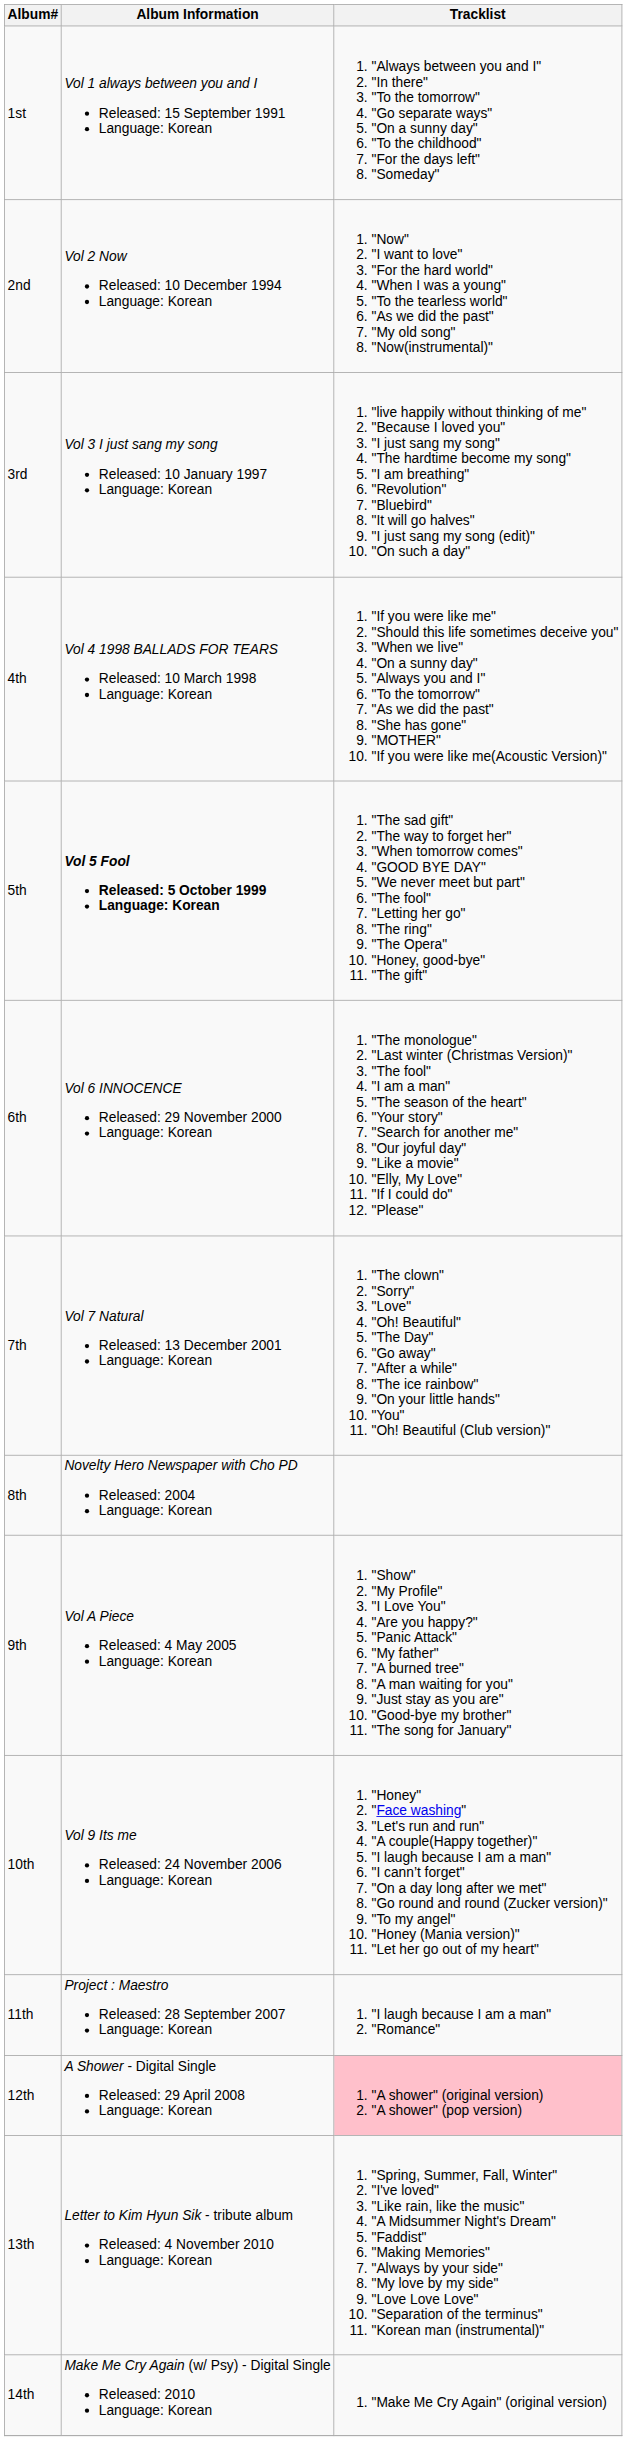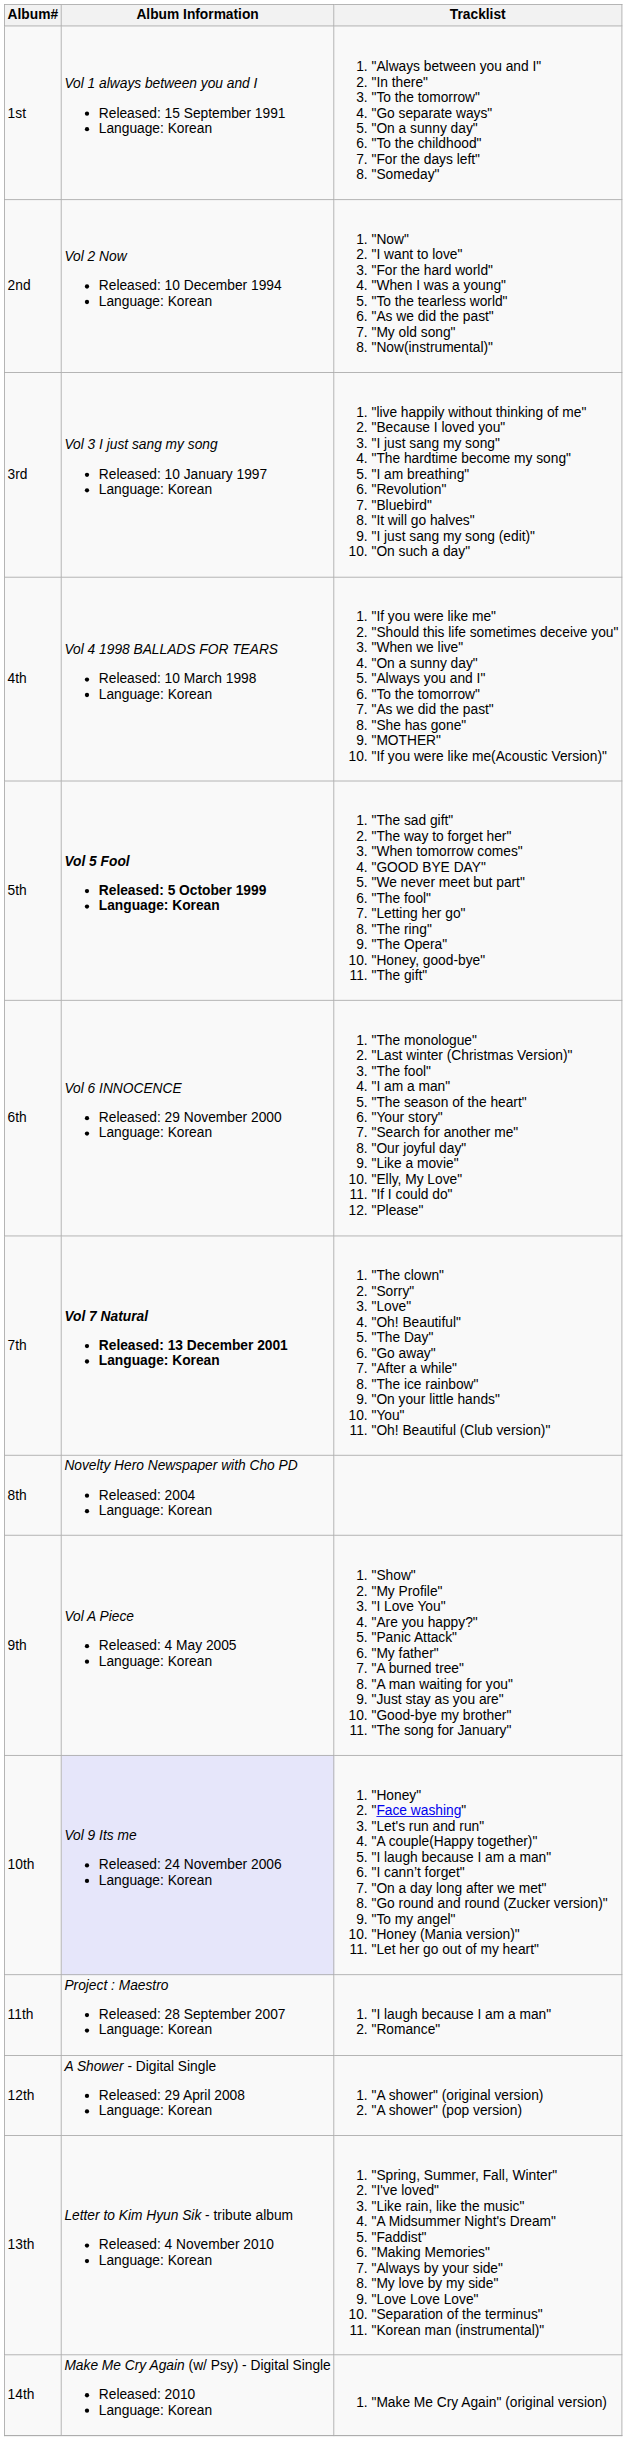 <table class="wikitable">
 <tr>
 <th>Album#</th>
 <th>Album Information</th>
 <th>Tracklist</th>
 </tr>
 <tr>
 <td>1st</td>
 <td><em>Vol 1 always between you and I</em><br><ul><li>Released: 15 September 1991</li><li>Language: Korean</li></ul></td>
 <td><br><ol><li>"Always between you and I"</li><li>"In there"</li><li>"To the tomorrow"</li><li>"Go separate ways"</li><li>"On a sunny day"</li><li>"To the childhood"</li><li>"For the days left"</li><li>"Someday"</li></ol></td>
 </tr>
 <tr>
 <td>2nd</td>
 <td><em>Vol 2 Now</em><br><ul><li>Released: 10 December 1994</li><li>Language: Korean</li></ul></td>
 <td><br><ol><li>"Now"</li><li>"I want to love"</li><li>"For the hard world"</li><li>"When I was a young"</li><li>"To the tearless world"</li><li>"As we did the past"</li><li>"My old song"</li><li>"Now(instrumental)"</li></ol></td>
 </tr>
 <tr>
 <td>3rd</td>
 <td><em>Vol 3 I just sang my song</em><br><ul><li>Released: 10 January 1997</li><li>Language: Korean</li></ul></td>
 <td><br><ol><li>"live happily without thinking of me"</li><li>"Because I loved you"</li><li>"I just sang my song"</li><li>"The hardtime become my song"</li><li>"I am breathing"</li><li>"Revolution"</li><li>"Bluebird"</li><li>"It will go halves"</li><li>"I just sang my song (edit)"</li><li>"On such a day"</li></ol></td>
 </tr>
 <tr>
 <td>4th</td>
 <td><em>Vol 4 1998 BALLADS FOR TEARS</em><br><ul><li>Released: 10 March 1998</li><li>Language: Korean</li></ul></td>
 <td><br><ol><li>"If you were like me"</li><li>"Should this life sometimes deceive you"</li><li>"When we live"</li><li>"On a sunny day"</li><li>"Always you and I"</li><li>"To the tomorrow"</li><li>"As we did the past"</li><li>"She has gone"</li><li>"MOTHER"</li><li>"If you were like me(Acoustic Version)"</li></ol></td>
 </tr>
 <tr>
 <td>5th</td>
 <td><strong><em>Vol 5 Fool</em><br><ul><li>Released: 5 October 1999</li><li>Language: Korean</li></ul></strong></td>
 <td><br><ol><li>"The sad gift"</li><li>"The way to forget her"</li><li>"When tomorrow comes"</li><li>"GOOD BYE DAY"</li><li>"We never meet but part"</li><li>"The fool"</li><li>"Letting her go"</li><li>"The ring"</li><li>"The Opera"</li><li>"Honey, good-bye"</li><li>"The gift"</li></ol></td>
 </tr>
 <tr>
 <td>6th</td>
 <td><em>Vol 6 INNOCENCE</em><br><ul><li>Released: 29 November 2000</li><li>Language: Korean</li></ul></td>
 <td><br><ol><li>"The monologue"</li><li>"Last winter (Christmas Version)"</li><li>"The fool"</li><li>"I am a man"</li><li>"The season of the heart"</li><li>"Your story"</li><li>"Search for another me"</li><li>"Our joyful day"</li><li>"Like a movie"</li><li>"Elly, My Love"</li><li>"If I could do"</li><li>"Please"</li></ol></td>
 </tr>
 <tr>
 <td>7th</td>
-<td><em>Vol 7 Natural</em><br><ul><li>Released: 13 December 2001</li><li>Language: Korean</li></ul></td>
+<td><strong><em>Vol 7 Natural</em><br><ul><li>Released: 13 December 2001</li><li>Language: Korean</li></ul></strong></td>
 <td><br><ol><li>"The clown"</li><li>"Sorry"</li><li>"Love"</li><li>"Oh! Beautiful"</li><li>"The Day"</li><li>"Go away"</li><li>"After a while"</li><li>"The ice rainbow"</li><li>"On your little hands"</li><li>"You"</li><li>"Oh! Beautiful (Club version)"</li></ol></td>
 </tr>
 <tr>
 <td>8th</td>
 <td><em>Novelty Hero Newspaper with Cho PD</em><br><ul><li>Released: 2004</li><li>Language: Korean</li></ul></td>
 </tr>
 <tr>
 <td>9th</td>
 <td><em>Vol A Piece</em><br><ul><li>Released: 4 May 2005</li><li>Language: Korean</li></ul></td>
 <td><br><ol><li>"Show"</li><li>"My Profile"</li><li>"I Love You"</li><li>"Are you happy?"</li><li>"Panic Attack"</li><li>"My father"</li><li>"A burned tree"</li><li>"A man waiting for you"</li><li>"Just stay as you are"</li><li>"Good-bye my brother"</li><li>"The song for January"</li></ol></td>
 </tr>
 <tr>
 <td>10th</td>
-<td><em> Vol 9 Its me</em><br><ul><li>Released: 24 November 2006</li><li>Language: Korean</li></ul></td>
+<td style="background: lavender;"><em> Vol 9 Its me</em><br><ul><li>Released: 24 November 2006</li><li>Language: Korean</li></ul></td>
 <td><br><ol><li>"Honey"</li><li>"<a href='#'>Face washing</a>"</li><li>"Let's run and run"</li><li>"A couple(Happy together)"</li><li>"I laugh because I am a man"</li><li>"I cann’t forget"</li><li>"On a day long after we met"</li><li>"Go round and round (Zucker version)"</li><li>"To my angel"</li><li>"Honey (Mania version)"</li><li>"Let her go out of my heart"</li></ol></td>
 </tr>
 <tr>
 <td>11th</td>
 <td><em>Project : Maestro</em><br><ul><li>Released: 28 September 2007</li><li>Language: Korean</li></ul></td>
 <td><br><ol><li>"I laugh because I am a man"</li><li>"Romance"</li></ol></td>
 </tr>
 <tr>
 <td>12th</td>
 <td><em>A Shower</em> - Digital Single<br><ul><li>Released: 29 April 2008</li><li>Language: Korean</li></ul></td>
-<td style="background: pink;"><br><ol><li>"A shower" (original version)</li><li>"A shower" (pop version)</li></ol></td>
+<td><br><ol><li>"A shower" (original version)</li><li>"A shower" (pop version)</li></ol></td>
 </tr>
 <tr>
 <td>13th</td>
 <td><em>Letter to Kim Hyun Sik</em> - tribute album<br><ul><li>Released: 4 November 2010</li><li>Language: Korean</li></ul></td>
 <td><br><ol><li>"Spring, Summer, Fall, Winter"</li><li>"I've loved"</li><li>"Like rain, like the music"</li><li>"A Midsummer Night's Dream"</li><li>"Faddist"</li><li>"Making Memories"</li><li>"Always by your side"</li><li>"My love by my side"</li><li>"Love Love Love"</li><li>"Separation of the terminus"</li><li>"Korean man (instrumental)"</li></ol></td>
 </tr>
 <tr>
 <td>14th</td>
 <td><em>Make Me Cry Again</em> (w/ Psy) - Digital Single<br><ul><li>Released: 2010</li><li>Language: Korean</li></ul></td>
 <td><br><ol><li>"Make Me Cry Again" (original version)</li></ol></td>
 </tr>
 <tr>
 </tr>
 </table>
